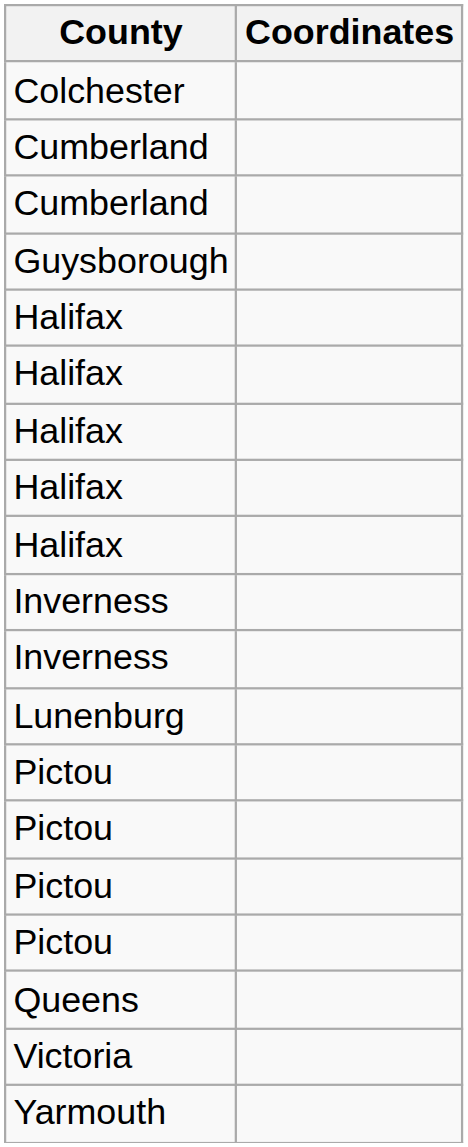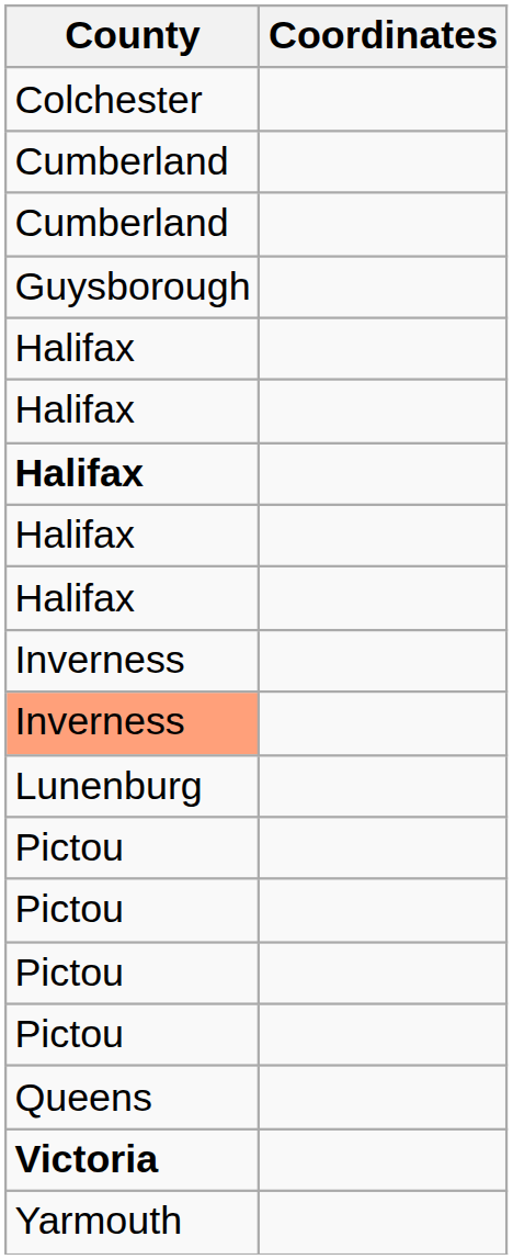 <table class="wikitable sortable">
 <tr>
 <th>County</th>
 <th>Coordinates</th>
 </tr>
 <tr>
 <td>Colchester</td>
 <td></td>
 </tr>
 <tr>
 <td>Cumberland</td>
 <td></td>
 </tr>
 <tr>
 <td>Cumberland</td>
 <td></td>
 </tr>
 <tr>
 <td>Guysborough</td>
 <td></td>
 </tr>
 <tr>
 <td>Halifax</td>
 <td></td>
 </tr>
 <tr>
 <td>Halifax</td>
 <td></td>
 </tr>
 <tr>
-<td>Halifax</td>
+<td><strong>Halifax</strong></td>
 <td></td>
 </tr>
 <tr>
 <td>Halifax</td>
 <td></td>
 </tr>
 <tr>
 <td>Halifax</td>
 <td></td>
 </tr>
 <tr>
 <td>Inverness</td>
 <td></td>
 </tr>
 <tr>
-<td>Inverness</td>
+<td style="background: lightsalmon;">Inverness</td>
 <td></td>
 </tr>
 <tr>
 <td>Lunenburg</td>
 <td></td>
 </tr>
 <tr>
 <td>Pictou</td>
 <td></td>
 </tr>
 <tr>
 <td>Pictou</td>
 <td></td>
 </tr>
 <tr>
 <td>Pictou</td>
 <td></td>
 </tr>
 <tr>
 <td>Pictou</td>
 <td></td>
 </tr>
 <tr>
 <td>Queens</td>
 <td></td>
 </tr>
 <tr>
-<td>Victoria</td>
+<td><strong>Victoria</strong></td>
 <td></td>
 </tr>
 <tr>
 <td>Yarmouth</td>
 <td></td>
 </tr>
 </table>
